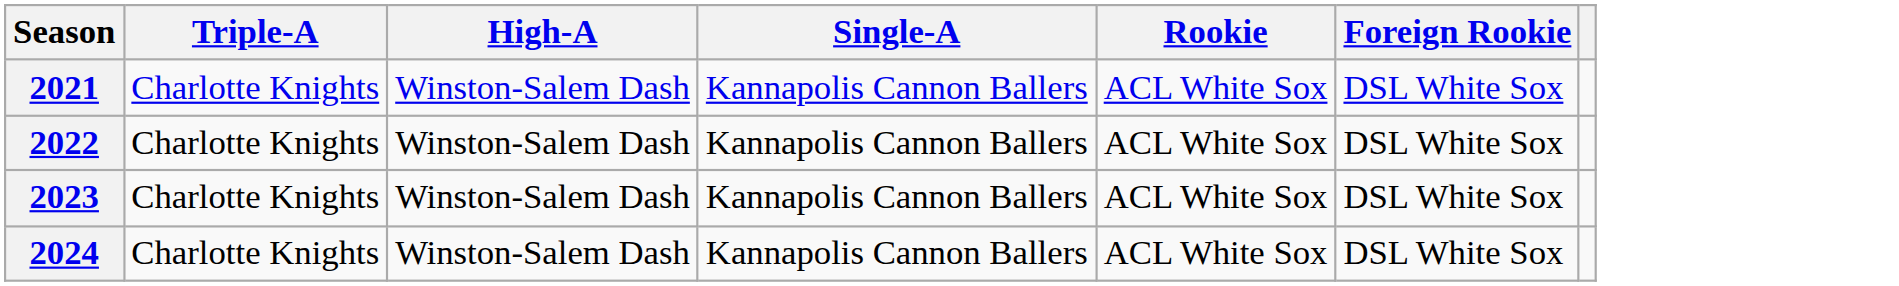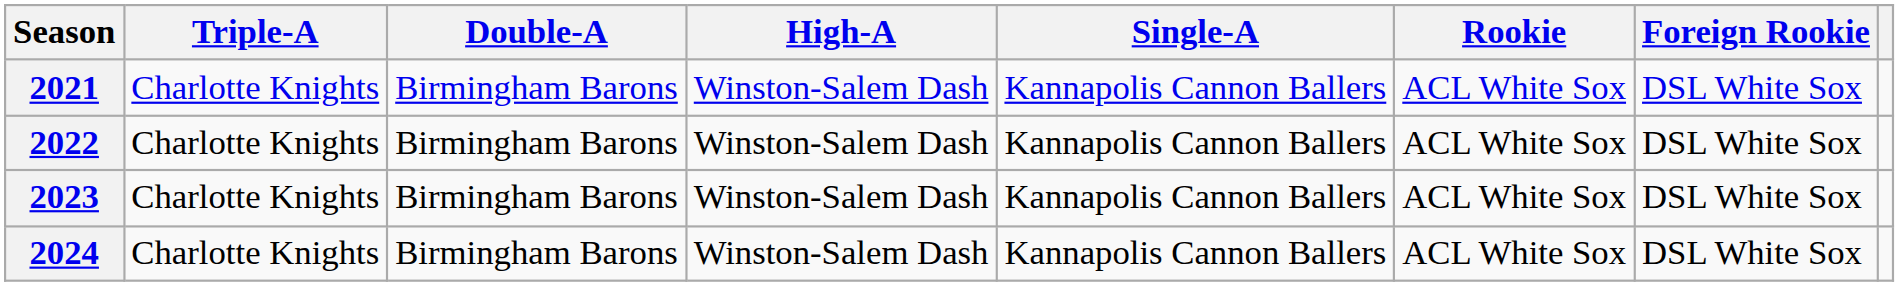 <table class="wikitable plainrowheaders">
 <tr>
 <th scope="col">Season</th>
 <th scope="col"><a href='#'><span>Triple-A</span></a></th>
+<th scope="col"><a href='#'><span>Double-A</span></a></th>
 <th scope="col"><a href='#'><span>High-A</span></a></th>
 <th scope="col"><a href='#'><span>Single-A</span></a></th>
 <th scope="col"><a href='#'><span>Rookie</span></a></th>
 <th scope="col"><a href='#'><span>Foreign Rookie</span></a></th>
 <th scope="col"></th>
 </tr>
 <tr>
 <th scope="row" style="text-align:center"><a href='#'>2021</a></th>
 <td><a href='#'>Charlotte Knights</a></td>
+<td><a href='#'>Birmingham Barons</a></td>
 <td><a href='#'>Winston-Salem Dash</a></td>
 <td><a href='#'>Kannapolis Cannon Ballers</a></td>
 <td><a href='#'>ACL White Sox</a></td>
 <td><a href='#'>DSL White Sox</a></td>
 <td align="center"></td>
 </tr>
 <tr>
 <th scope="row" style="text-align:center"><a href='#'>2022</a></th>
 <td>Charlotte Knights</td>
+<td>Birmingham Barons</td>
 <td>Winston-Salem Dash</td>
 <td>Kannapolis Cannon Ballers</td>
 <td>ACL White Sox</td>
 <td>DSL White Sox</td>
 <td align="center"></td>
 </tr>
 <tr>
 <th scope="row" style="text-align:center"><a href='#'>2023</a></th>
 <td>Charlotte Knights</td>
+<td>Birmingham Barons</td>
 <td>Winston-Salem Dash</td>
 <td>Kannapolis Cannon Ballers</td>
 <td>ACL White Sox</td>
 <td>DSL White Sox</td>
 <td align="center"></td>
 </tr>
 <tr>
 <th scope="row" style="text-align:center"><a href='#'>2024</a></th>
 <td>Charlotte Knights</td>
+<td>Birmingham Barons</td>
 <td>Winston-Salem Dash</td>
 <td>Kannapolis Cannon Ballers</td>
 <td>ACL White Sox</td>
 <td>DSL White Sox</td>
 <td align="center"></td>
 </tr>
 </table>
